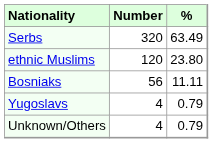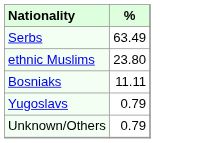 <table border=1 cellpadding=4 cellspacing=0 class="toccolours" style="align: left; margin: 0.5em 0 0 0; border-style: solid; border: 1px solid #999; border-right-width: 2px; border-bottom-width: 2px; border-collapse: collapse; font-size: 100%;">
 <tr>
 <td style="background:#ddffdd;"><strong>Nationality</strong></td>
-<td colspan=1 style="background:#ddffdd;" align="center"><strong>Number</strong></td>
 <td colspan=1 style="background:#ddffdd;" align="center"><strong>%</strong></td>
 </tr>
 <tr>
 <td style="background:#f3fff3;"><a href='#'>Serbs</a></td>
-<td align="right">320</td>
 <td align="right">63.49</td>
 </tr>
 <tr>
 <td style="background:#f3fff3;"><a href='#'>ethnic Muslims</a></td>
-<td align="right">120</td>
 <td align="right">23.80</td>
 </tr>
 <tr>
 <td style="background:#f3fff3;"><a href='#'>Bosniaks</a></td>
-<td align="right">56</td>
 <td align="right">11.11</td>
 </tr>
 <tr>
 <td style="background:#f3fff3;"><a href='#'>Yugoslavs</a></td>
-<td align="right">4</td>
 <td align="right">0.79</td>
 </tr>
 <tr>
 <td style="background:#f3fff3;">Unknown/Others</td>
-<td align="right">4</td>
 <td align="right">0.79</td>
 </tr>
 </table>
